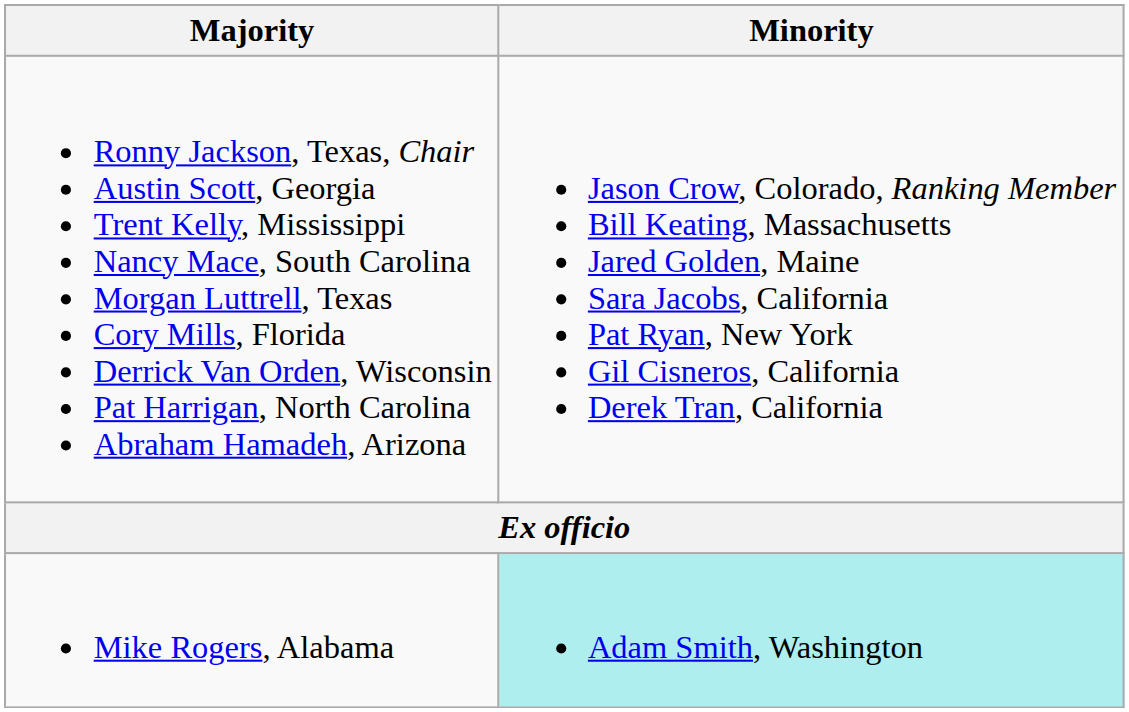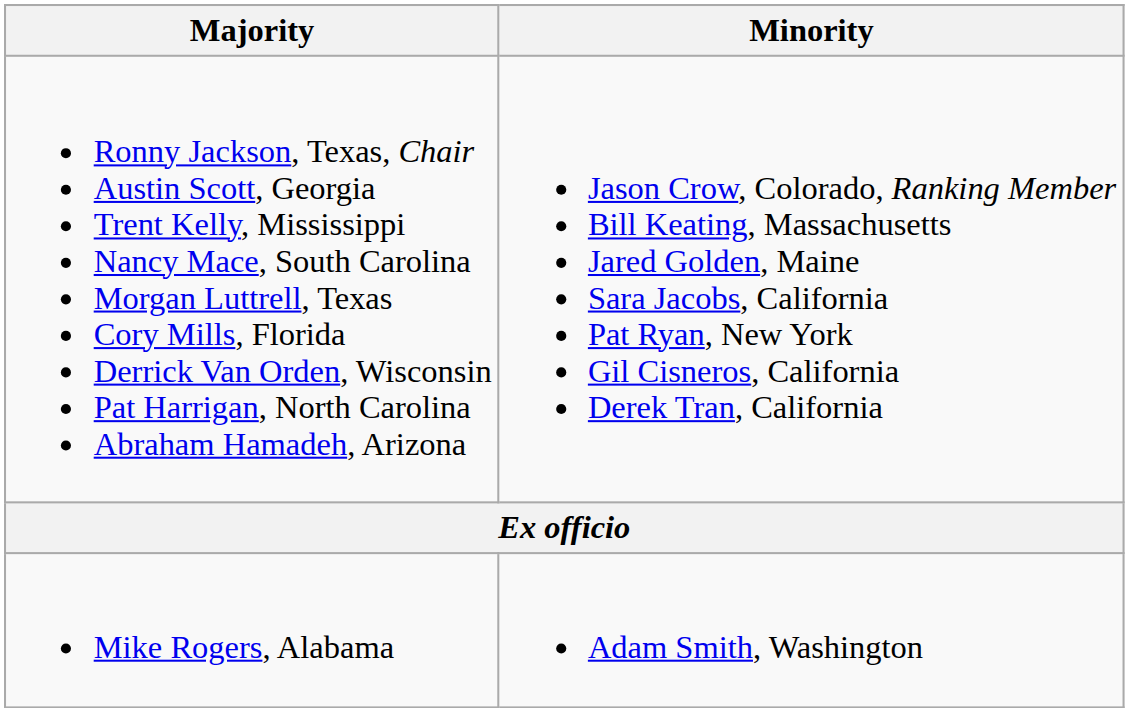 <table class=wikitable>
 <tr>
 <th>Majority</th>
 <th>Minority</th>
 </tr>
 <tr>
 <td><br><ul><li><a href='#'>Ronny Jackson</a>, Texas, <em>Chair</em></li><li><a href='#'>Austin Scott</a>, Georgia</li><li><a href='#'>Trent Kelly</a>, Mississippi</li><li><a href='#'>Nancy Mace</a>, South Carolina</li><li><a href='#'>Morgan Luttrell</a>, Texas</li><li><a href='#'>Cory Mills</a>, Florida</li><li><a href='#'>Derrick Van Orden</a>, Wisconsin</li><li><a href='#'>Pat Harrigan</a>, North Carolina</li><li><a href='#'>Abraham Hamadeh</a>, Arizona</li></ul></td>
 <td><br><ul><li><a href='#'>Jason Crow</a>, Colorado, <em>Ranking Member</em></li><li><a href='#'>Bill Keating</a>, Massachusetts</li><li><a href='#'>Jared Golden</a>, Maine</li><li><a href='#'>Sara Jacobs</a>, California</li><li><a href='#'>Pat Ryan</a>, New York</li><li><a href='#'>Gil Cisneros</a>, California</li><li><a href='#'>Derek Tran</a>, California</li></ul></td>
 </tr>
 <tr>
 <th colspan=2><em>Ex officio</em></th>
 </tr>
 <tr>
 <td><br><ul><li><a href='#'>Mike Rogers</a>, Alabama</li></ul></td>
-<td style="background: paleturquoise;"><br><ul><li><a href='#'>Adam Smith</a>, Washington</li></ul></td>
+<td><br><ul><li><a href='#'>Adam Smith</a>, Washington</li></ul></td>
 </tr>
 </table>
